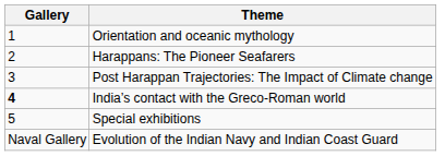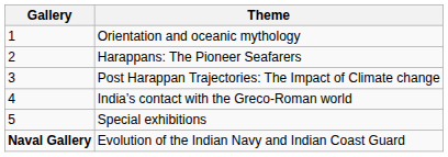 <table class="wikitable">
 <tr>
 <th>Gallery</th>
 <th>Theme</th>
 </tr>
 <tr>
 <td>1</td>
 <td>Orientation and oceanic mythology</td>
 </tr>
 <tr>
 <td>2</td>
 <td>Harappans: The Pioneer Seafarers</td>
 </tr>
 <tr>
 <td>3</td>
 <td>Post Harappan Trajectories: The Impact of Climate change</td>
 </tr>
 <tr>
-<td><strong>4</strong></td>
+<td>4</td>
 <td>India’s contact with the Greco-Roman world</td>
 </tr>
 <tr>
 <td>5</td>
 <td>Special exhibitions</td>
 </tr>
 <tr>
-<td>Naval Gallery</td>
+<td><strong>Naval Gallery</strong></td>
 <td>Evolution of the Indian Navy and Indian Coast Guard</td>
 </tr>
 </table>
